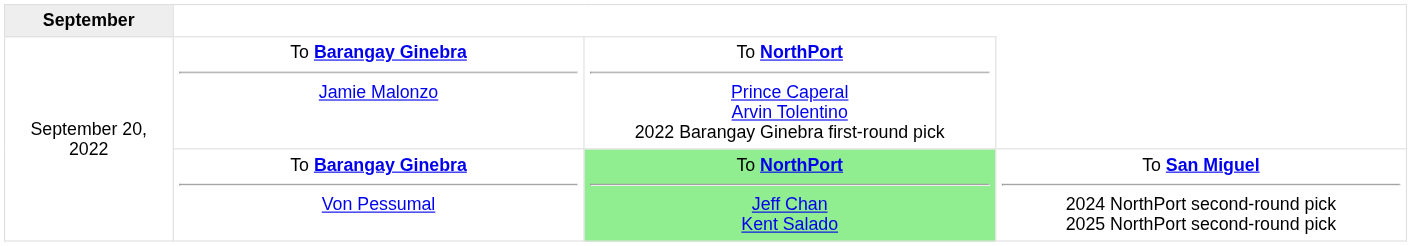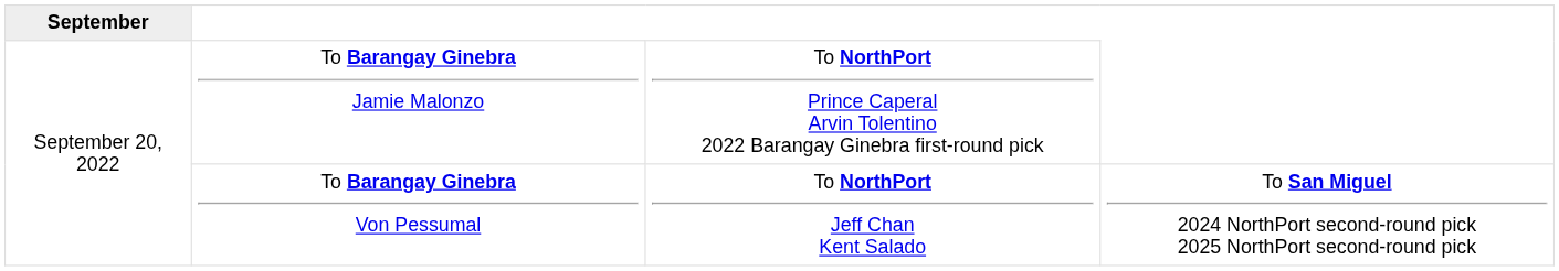 <table border=1 style="border-collapse:collapse; text-align: center; width: 100%" bordercolor="#DFDFDF"  cellpadding="5">
 <tr bgcolor="eeeeee">
 <th>September</th>
 </tr>
 <tr>
 <td style="width:12%" rowspan=2>September 20, 2022</td>
 <td style="width:29.3%" valign="top">To <strong><a href='#'>Barangay Ginebra</a></strong><hr><a href='#'>Jamie Malonzo</a></td>
 <td style="width:29.3%" valign="top">To <strong><a href='#'>NorthPort</a></strong><hr><a href='#'>Prince Caperal</a><br><a href='#'>Arvin Tolentino</a><br>2022 Barangay Ginebra first-round pick</td>
 </tr>
 <tr>
 <td style="width:29.3%" valign="top">To <strong><a href='#'>Barangay Ginebra</a></strong><hr><a href='#'>Von Pessumal</a></td>
-<td style="background: lightgreen; width:29.3%" valign="top">To <strong><a href='#'>NorthPort</a></strong><hr><a href='#'>Jeff Chan</a><br><a href='#'>Kent Salado</a></td>
+<td style="width:29.3%" valign="top">To <strong><a href='#'>NorthPort</a></strong><hr><a href='#'>Jeff Chan</a><br><a href='#'>Kent Salado</a></td>
 <td style="width:29.3%" valign="top">To <strong><a href='#'>San Miguel</a></strong><hr>2024 NorthPort second-round pick<br>2025 NorthPort second-round pick</td>
 </tr>
 </table>
